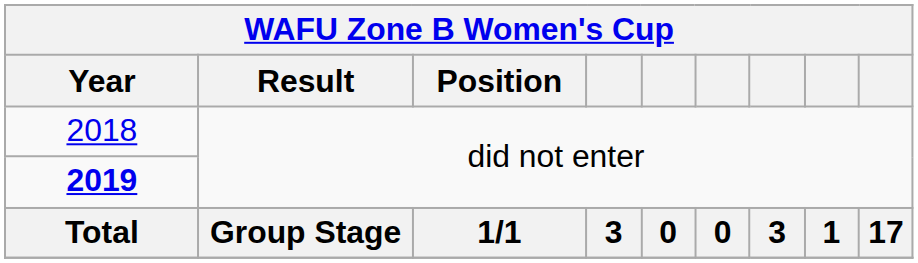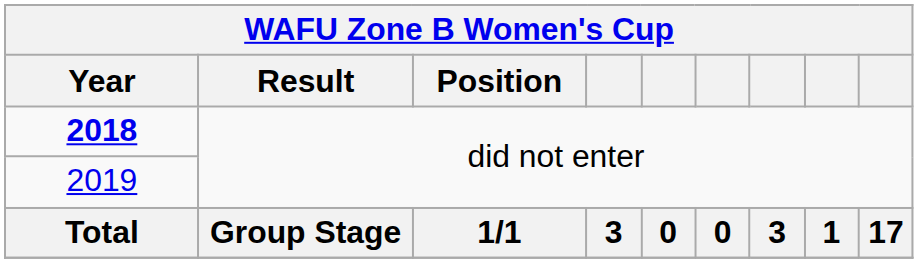 <table class="wikitable" style="text-align:center;">
 <tr>
 <th colspan="9"><a href='#'>WAFU Zone B Women's Cup</a></th>
 </tr>
 <tr>
 <th style="width:90px;">Year</th>
 <th style="width:100px;">Result</th>
 <th style="width:80px;">Position</th>
 <th style="width:20px;"></th>
 <th style="width:20px;"></th>
 <th style="width:20px;"></th>
 <th style="width:20px;"></th>
 <th style="width:20px;"></th>
 <th style="width:20px;"></th>
 </tr>
 <tr>
-<td> <a href='#'>2018</a></td>
+<td><strong> <a href='#'>2018</a></strong></td>
 <td colspan=8 rowspan=2>did not enter</td>
 </tr>
 <tr>
-<td><strong> <a href='#'>2019</a></strong></td>
+<td> <a href='#'>2019</a></td>
 </tr>
 <tr>
 <th>Total</th>
 <th>Group Stage</th>
 <th>1/1</th>
 <th>3</th>
 <th>0</th>
 <th>0</th>
 <th>3</th>
 <th>1</th>
 <th>17</th>
 </tr>
 <tr>
 </tr>
 </table>
